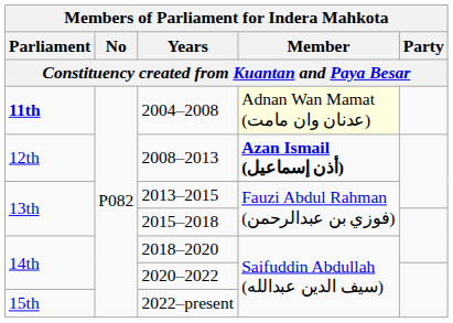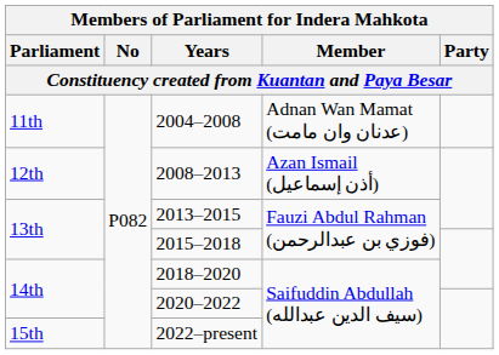 <table class=wikitable>
 <tr>
 <th colspan="5">Members of Parliament for Indera Mahkota</th>
 </tr>
 <tr>
 <th>Parliament</th>
 <th>No</th>
 <th>Years</th>
 <th>Member</th>
 <th>Party</th>
 </tr>
 <tr>
 <th colspan="5" align="center"><em>Constituency created from <a href='#'>Kuantan</a> and <a href='#'>Paya Besar</a></em></th>
 </tr>
 <tr>
-<td><strong><a href='#'>11th</a></strong></td>
+<td><a href='#'>11th</a></td>
 <td rowspan=7>P082</td>
 <td>2004–2008</td>
-<td style="background: lightyellow;">Adnan Wan Mamat  <br>(عدنان وان مامت)</td>
+<td>Adnan Wan Mamat  <br>(عدنان وان مامت)</td>
 <td></td>
 </tr>
 <tr>
 <td><a href='#'>12th</a></td>
 <td>2008–2013</td>
-<td><strong><a href='#'>Azan Ismail</a> <br> (أذن إسماعيل)</strong></td>
+<td><a href='#'>Azan Ismail</a> <br> (أذن إسماعيل)</td>
 <td rowspan=2></td>
 </tr>
 <tr>
 <td rowspan=2><a href='#'>13th</a></td>
 <td>2013–2015</td>
 <td rowspan=2><a href='#'>Fauzi Abdul Rahman</a> <br> (فوزي بن عبدالرحمن)</td>
 </tr>
 <tr>
 <td>2015–2018</td>
 <td rowspan=2></td>
 </tr>
 <tr>
 <td rowspan="2"><a href='#'>14th</a></td>
 <td>2018–2020</td>
 <td rowspan="3"><a href='#'>Saifuddin Abdullah</a> <br> (سيف الدين عبدالله)</td>
 </tr>
 <tr>
 <td>2020–2022</td>
 <td rowspan="2"></td>
 </tr>
 <tr>
 <td><a href='#'>15th</a></td>
 <td>2022–present</td>
 </tr>
 </table>
